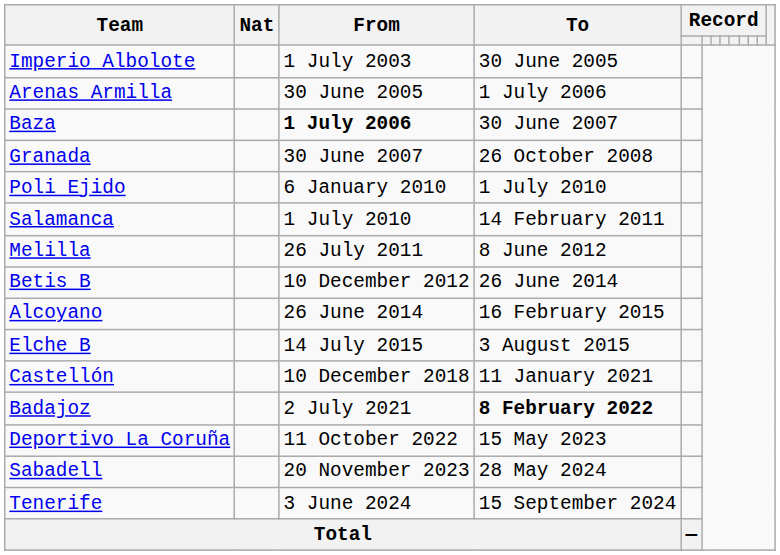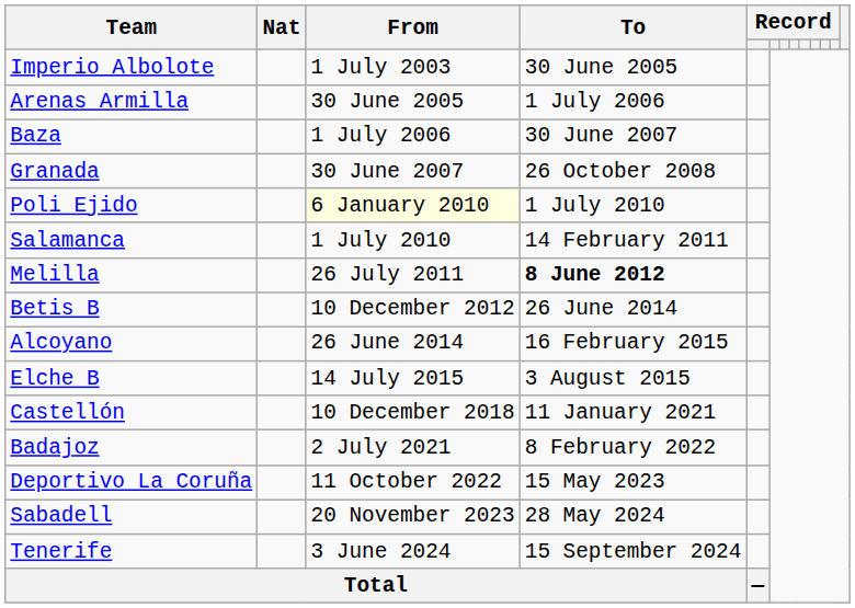 <table class="wikitable" style="text-align: center">
 <tr>
 <th rowspan="2">Team</th>
 <th rowspan="2">Nat</th>
 <th rowspan="2">From</th>
 <th rowspan="2">To</th>
 <th colspan="8">Record</th>
 <th rowspan=2></th>
 </tr>
 <tr>
 <th></th>
 <th></th>
 <th></th>
 <th></th>
 <th></th>
 <th></th>
 <th></th>
 <th></th>
 </tr>
 <tr>
 <td align="left"><a href='#'>Imperio Albolote</a></td>
 <td></td>
 <td align=left>1 July 2003</td>
 <td align=left>30 June 2005<br></td>
 <td></td>
 </tr>
 <tr>
 <td align="left"><a href='#'>Arenas Armilla</a></td>
 <td></td>
 <td align=left>30 June 2005</td>
 <td align=left>1 July 2006<br></td>
 <td></td>
 </tr>
 <tr>
 <td align="left"><a href='#'>Baza</a></td>
 <td></td>
-<td align=left><strong>1 July 2006</strong></td>
+<td align=left>1 July 2006</td>
 <td align=left>30 June 2007<br></td>
 <td></td>
 </tr>
 <tr>
 <td align="left"><a href='#'>Granada</a></td>
 <td></td>
 <td align=left>30 June 2007</td>
 <td align=left>26 October 2008<br></td>
 <td></td>
 </tr>
 <tr>
 <td align="left"><a href='#'>Poli Ejido</a></td>
 <td></td>
-<td align=left>6 January 2010</td>
+<td align=left style="background: lightyellow;">6 January 2010</td>
 <td align=left>1 July 2010<br></td>
 <td></td>
 </tr>
 <tr>
 <td align="left"><a href='#'>Salamanca</a></td>
 <td></td>
 <td align=left>1 July 2010</td>
 <td align=left>14 February 2011<br></td>
 <td></td>
 </tr>
 <tr>
 <td align="left"><a href='#'>Melilla</a></td>
 <td></td>
 <td align=left>26 July 2011</td>
-<td align=left>8 June 2012<br></td>
+<td align=left><strong>8 June 2012<br></strong></td>
 <td></td>
 </tr>
 <tr>
 <td align="left"><a href='#'>Betis B</a></td>
 <td></td>
 <td align=left>10 December 2012</td>
 <td align=left>26 June 2014<br></td>
 <td></td>
 </tr>
 <tr>
 <td align="left"><a href='#'>Alcoyano</a></td>
 <td></td>
 <td align=left>26 June 2014</td>
 <td align=left>16 February 2015<br></td>
 <td></td>
 </tr>
 <tr>
 <td align="left"><a href='#'>Elche B</a></td>
 <td></td>
 <td align=left>14 July 2015</td>
 <td align=left>3 August 2015<br></td>
 <td></td>
 </tr>
 <tr>
 <td align="left"><a href='#'>Castellón</a></td>
 <td></td>
 <td align=left>10 December 2018</td>
 <td align=left>11 January 2021<br></td>
 <td></td>
 </tr>
 <tr>
 <td align="left"><a href='#'>Badajoz</a></td>
 <td></td>
 <td align=left>2 July 2021</td>
-<td align=left><strong>8 February 2022<br></strong></td>
+<td align=left>8 February 2022<br></td>
 <td></td>
 </tr>
 <tr>
 <td align=left><a href='#'>Deportivo La Coruña</a></td>
 <td></td>
 <td align=left>11 October 2022</td>
 <td align=left>15 May 2023<br></td>
 <td></td>
 </tr>
 <tr>
 <td align=left><a href='#'>Sabadell</a></td>
 <td></td>
 <td align=left>20 November 2023</td>
 <td align=left>28 May 2024<br></td>
 <td></td>
 </tr>
 <tr>
 <td align=left><a href='#'>Tenerife</a></td>
 <td></td>
 <td align=left>3 June 2024</td>
 <td align=left>15 September 2024<br></td>
 <td></td>
 </tr>
 <tr>
 <th colspan="4">Total<br></th>
 <th>—</th>
 </tr>
 </table>
